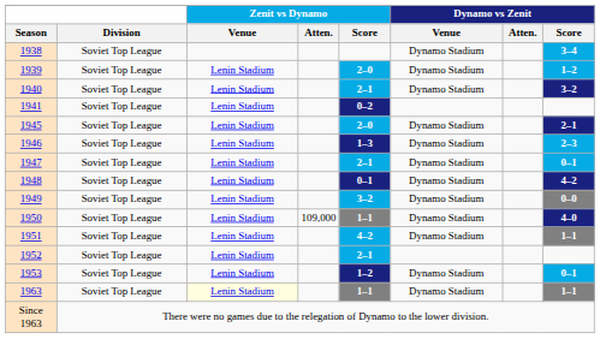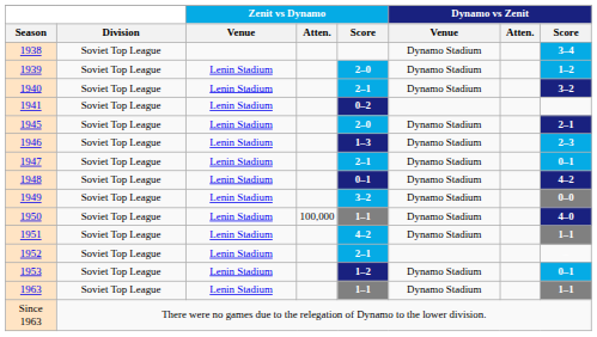 <table class="wikitable" style="text-align: center; font-size: 12px">
 <tr bgcolor=#f5f5f5>
 </tr>
 <tr align=center bgcolor="#FFFFFF">
 <td colspan=2></td>
 <th colspan=3 style="color:#ffffff;background:#05ABE5">Zenit vs Dynamo</th>
 <th colspan=3 style="color:#ffffff;background:#19217F">Dynamo vs Zenit</th>
 </tr>
 <tr>
 <th width="52">Season</th>
 <th width="140">Division</th>
 <th width="120">Venue</th>
 <th width="40">Atten.</th>
 <th width="52">Score</th>
 <th width="120">Venue</th>
 <th width="40">Atten.</th>
 <th width="52">Score</th>
 </tr>
 <tr>
 <td bgcolor=#ffe4c4><a href='#'>1938</a></td>
 <td>Soviet Top League</td>
 <td align: center;></td>
 <td align: center;></td>
 <td style="color:#ffffff;background:"></td>
 <td align: center;>Dynamo Stadium</td>
 <td align: center;></td>
 <td style="color:#ffffff;background:#05ABE5"><strong>3–4</strong></td>
 </tr>
 <tr>
 <td bgcolor=#ffe4c4><a href='#'>1939</a></td>
 <td>Soviet Top League</td>
 <td align: center;><a href='#'>Lenin Stadium</a></td>
 <td align: center;></td>
 <td style="color:#ffffff;background:#05ABE5"><strong>2–0</strong></td>
 <td align: center;>Dynamo Stadium</td>
 <td align: center;></td>
 <td style="color:#ffffff;background:#05ABE5"><strong>1–2</strong></td>
 </tr>
 <tr>
 <td bgcolor=#ffe4c4><a href='#'>1940</a></td>
 <td>Soviet Top League</td>
 <td align: center;><a href='#'>Lenin Stadium</a></td>
 <td align: center;></td>
 <td style="color:#ffffff;background:#05ABE5"><strong>2–1</strong></td>
 <td align: center;>Dynamo Stadium</td>
 <td align: center;></td>
 <td style="color:#ffffff;background:#19217F"><strong>3–2</strong></td>
 </tr>
 <tr>
 <td bgcolor=#ffe4c4><a href='#'>1941</a></td>
 <td>Soviet Top League</td>
 <td align: center;><a href='#'>Lenin Stadium</a></td>
 <td align: center;></td>
 <td style="color:#ffffff;background:#19217F"><strong>0–2</strong></td>
 <td align: center;></td>
 <td align: center;></td>
 <td style="color:#ffffff;background:"></td>
 </tr>
 <tr>
 <td bgcolor=#ffe4c4><a href='#'>1945</a></td>
 <td>Soviet Top League</td>
 <td align: center;><a href='#'>Lenin Stadium</a></td>
 <td align: center;></td>
 <td style="color:#ffffff;background:#05ABE5"><strong>2–0</strong></td>
 <td align: center;>Dynamo Stadium</td>
 <td align: center;></td>
 <td style="color:#ffffff;background:#19217F"><strong>2–1</strong></td>
 </tr>
 <tr>
 <td bgcolor=#ffe4c4><a href='#'>1946</a></td>
 <td>Soviet Top League</td>
 <td align: center;><a href='#'>Lenin Stadium</a></td>
 <td align: center;></td>
 <td style="color:#ffffff;background:#19217F"><strong>1–3</strong></td>
 <td align: center;>Dynamo Stadium</td>
 <td align: center;></td>
 <td style="color:#ffffff;background:#05ABE5"><strong>2–3</strong></td>
 </tr>
 <tr>
 <td bgcolor=#ffe4c4><a href='#'>1947</a></td>
 <td>Soviet Top League</td>
 <td align: center;><a href='#'>Lenin Stadium</a></td>
 <td align: center;></td>
 <td style="color:#ffffff;background:#05ABE5"><strong>2–1</strong></td>
 <td align: center;>Dynamo Stadium</td>
 <td align: center;></td>
 <td style="color:#ffffff;background:#05ABE5"><strong>0–1</strong></td>
 </tr>
 <tr>
 <td bgcolor=#ffe4c4><a href='#'>1948</a></td>
 <td>Soviet Top League</td>
 <td align: center;><a href='#'>Lenin Stadium</a></td>
 <td align: center;></td>
 <td style="color:#ffffff;background:#19217F"><strong>0–1</strong></td>
 <td align: center;>Dynamo Stadium</td>
 <td align: center;></td>
 <td style="color:#ffffff;background:#19217F"><strong>4–2</strong></td>
 </tr>
 <tr>
 <td bgcolor=#ffe4c4><a href='#'>1949</a></td>
 <td>Soviet Top League</td>
 <td align: center;><a href='#'>Lenin Stadium</a></td>
 <td align: center;></td>
 <td style="color:#ffffff;background:#05ABE5"><strong>3–2</strong></td>
 <td align: center;>Dynamo Stadium</td>
 <td align: center;></td>
 <td style="color:#ffffff;background:#808080"><strong>0–0</strong></td>
 </tr>
 <tr>
 <td bgcolor=#ffe4c4><a href='#'>1950</a></td>
 <td>Soviet Top League</td>
 <td align: center;><a href='#'>Lenin Stadium</a></td>
-<td align: center;>109,000</td>
+<td align: center;>100,000</td>
 <td style="color:#ffffff;background:#808080"><strong>1–1</strong></td>
 <td align: center;>Dynamo Stadium</td>
 <td align: center;></td>
 <td style="color:#ffffff;background:#19217F"><strong>4–0</strong></td>
 </tr>
 <tr>
 <td bgcolor=#ffe4c4><a href='#'>1951</a></td>
 <td>Soviet Top League</td>
 <td align: center;><a href='#'>Lenin Stadium</a></td>
 <td align: center;></td>
 <td style="color:#ffffff;background:#05ABE5"><strong>4–2</strong></td>
 <td align: center;>Dynamo Stadium</td>
 <td align: center;></td>
 <td style="color:#ffffff;background:#808080"><strong>1–1</strong></td>
 </tr>
 <tr>
 <td bgcolor=#ffe4c4><a href='#'>1952</a></td>
 <td>Soviet Top League</td>
 <td align: center;><a href='#'>Lenin Stadium</a></td>
 <td align: center;></td>
 <td style="color:#ffffff;background:#05ABE5"><strong>2–1</strong></td>
 <td align: center;></td>
 <td align: center;></td>
 <td style="color:#ffffff;background:">–</td>
 </tr>
 <tr>
 <td bgcolor=#ffe4c4><a href='#'>1953</a></td>
 <td>Soviet Top League</td>
 <td align: center;><a href='#'>Lenin Stadium</a></td>
 <td align: center;></td>
 <td style="color:#ffffff;background:#19217F"><strong>1–2</strong></td>
 <td align: center;>Dynamo Stadium</td>
 <td align: center;></td>
 <td style="color:#ffffff;background:#05ABE5"><strong>0–1</strong></td>
 </tr>
 <tr>
 <td bgcolor=#ffe4c4><a href='#'>1963</a></td>
 <td>Soviet Top League</td>
-<td align: center; style="background: lightyellow;"><a href='#'>Lenin Stadium</a></td>
+<td align: center;><a href='#'>Lenin Stadium</a></td>
 <td align: center;></td>
 <td style="color:#ffffff;background:#808080"><strong>1–1</strong></td>
 <td align: center;>Dynamo Stadium</td>
 <td align: center;></td>
 <td style="color:#ffffff;background:#808080"><strong>1–1</strong></td>
 </tr>
 <tr>
 <td bgcolor=#ffe4c4>Since 1963</td>
 <td colspan="10">There were no games due to the relegation of Dynamo to the lower division.</td>
 </tr>
 </table>
